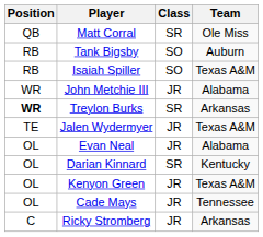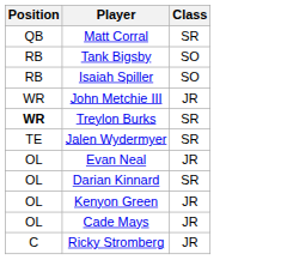 <table class="wikitable sortable">
 <tr>
 <th>Position</th>
 <th>Player</th>
 <th>Class</th>
-<th>Team</th>
 </tr>
 <tr style="text-align:center;">
 <td style="background:white">QB</td>
 <td style="background:white"><a href='#'>Matt Corral</a></td>
 <td style="background:white">SR</td>
-<td>Ole Miss</td>
 </tr>
 <tr style="text-align:center;">
 <td style="background:white">RB</td>
 <td style="background:white"><a href='#'>Tank Bigsby</a></td>
 <td style="background:white">SO</td>
-<td>Auburn</td>
 </tr>
 <tr style="text-align:center;">
 <td style="background:white">RB</td>
 <td style="background:white"><a href='#'>Isaiah Spiller</a></td>
 <td style="background:white">SO</td>
-<td>Texas A&M</td>
 </tr>
 <tr style="text-align:center;">
 <td style="background:white">WR</td>
 <td style="background:white"><a href='#'>John Metchie III</a></td>
 <td style="background:white">JR</td>
-<td>Alabama</td>
 </tr>
 <tr style="text-align:center;">
 <td style="background:white"><strong>WR</strong></td>
 <td style="background:white"><a href='#'>Treylon Burks</a></td>
 <td style="background:white">SR</td>
-<td>Arkansas</td>
 </tr>
 <tr style="text-align:center;">
 <td style="background:white">TE</td>
 <td style="background:white"><a href='#'>Jalen Wydermyer</a></td>
-<td style="background:white">JR</td>
-<td>Texas A&M</td>
+<td style="background:white">SR</td>
 </tr>
 <tr style="text-align:center;">
 <td style="background:white">OL</td>
 <td style="background:white"><a href='#'>Evan Neal</a></td>
 <td style="background:white">JR</td>
-<td>Alabama</td>
 </tr>
 <tr style="text-align:center;">
 <td style="background:white">OL</td>
 <td style="background:white"><a href='#'>Darian Kinnard</a></td>
 <td style="background:white">SR</td>
-<td>Kentucky</td>
 </tr>
 <tr style="text-align:center;">
 <td style="background:white">OL</td>
 <td style="background:white"><a href='#'>Kenyon Green</a></td>
 <td style="background:white">JR</td>
-<td>Texas A&M</td>
 </tr>
 <tr style="text-align:center;">
 <td style="background:white">OL</td>
 <td style="background:white"><a href='#'>Cade Mays</a></td>
 <td style="background:white">JR</td>
-<td>Tennessee</td>
 </tr>
 <tr style="text-align:center;">
 <td style="background:white">C</td>
 <td style="background:white"><a href='#'>Ricky Stromberg</a></td>
 <td style="background:white">JR</td>
-<td>Arkansas</td>
 </tr>
 </table>
